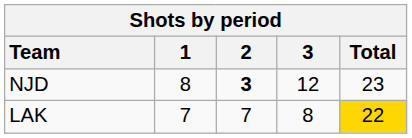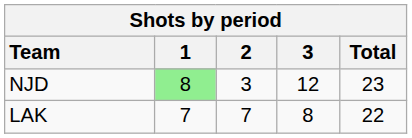 <table class="wikitable" style="width:20em; text-align:right;">
 <tr>
 <th colspan=6>Shots by period</th>
 </tr>
 <tr>
 <th style="width:8em; text-align:left;">Team</th>
 <th style="width:3em;">1</th>
 <th style="width:3em;">2</th>
 <th style="width:3em;">3</th>
 <th style="width:3em;">Total</th>
 </tr>
 <tr style="text-align:center;">
 <td style="text-align:left;">NJD</td>
-<td>8</td>
-<td><strong>3</strong></td>
+<td style="background: lightgreen;">8</td>
+<td>3</td>
 <td>12</td>
 <td>23</td>
 </tr>
 <tr style="text-align:center;">
 <td style="text-align:left;">LAK</td>
 <td>7</td>
 <td>7</td>
 <td>8</td>
-<td style="background: gold;">22</td>
+<td>22</td>
 </tr>
 </table>
